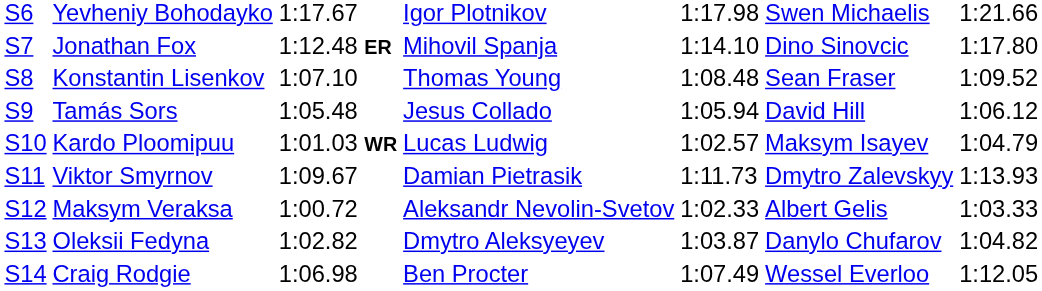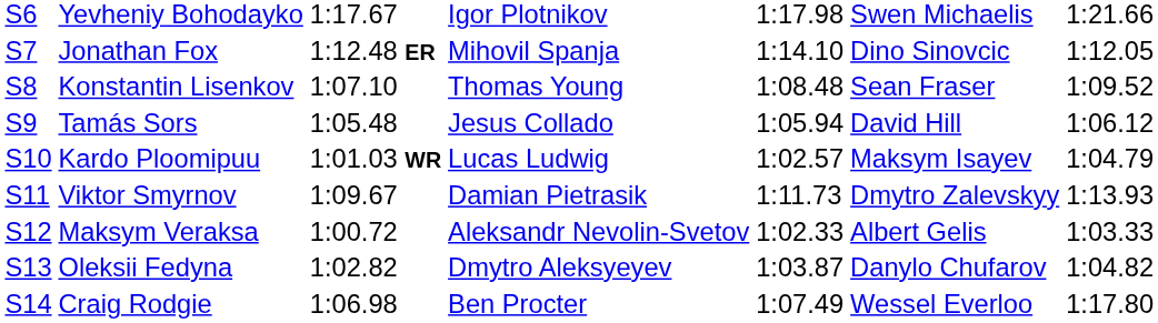 <table>
 <tr>
 <td><a href='#'>S6</a></td>
 <td><a href='#'>Yevheniy Bohodayko</a><br></td>
 <td>1:17.67</td>
 <td><a href='#'>Igor Plotnikov</a><br></td>
 <td>1:17.98</td>
 <td><a href='#'>Swen Michaelis</a><br></td>
 <td>1:21.66</td>
 </tr>
 <tr>
 <td><a href='#'>S7</a></td>
 <td><a href='#'>Jonathan Fox</a><br></td>
 <td>1:12.48 <small><strong>ER</strong></small></td>
 <td><a href='#'>Mihovil Spanja</a><br></td>
 <td>1:14.10</td>
 <td><a href='#'>Dino Sinovcic</a><br></td>
-<td>1:17.80</td>
+<td>1:12.05</td>
 </tr>
 <tr>
 <td><a href='#'>S8</a></td>
 <td><a href='#'>Konstantin Lisenkov</a><br></td>
 <td>1:07.10</td>
 <td><a href='#'>Thomas Young</a><br></td>
 <td>1:08.48</td>
 <td><a href='#'>Sean Fraser</a><br></td>
 <td>1:09.52</td>
 </tr>
 <tr>
 <td><a href='#'>S9</a></td>
 <td><a href='#'>Tamás Sors</a><br></td>
 <td>1:05.48</td>
 <td><a href='#'>Jesus Collado</a><br></td>
 <td>1:05.94</td>
 <td><a href='#'>David Hill</a><br></td>
 <td>1:06.12</td>
 </tr>
 <tr>
 <td><a href='#'>S10</a></td>
 <td><a href='#'>Kardo Ploomipuu</a><br></td>
 <td>1:01.03 <small><strong>WR</strong></small></td>
 <td><a href='#'>Lucas Ludwig</a><br></td>
 <td>1:02.57</td>
 <td><a href='#'>Maksym Isayev</a><br></td>
 <td>1:04.79</td>
 </tr>
 <tr>
 <td><a href='#'>S11</a></td>
 <td><a href='#'>Viktor Smyrnov</a><br></td>
 <td>1:09.67</td>
 <td><a href='#'>Damian Pietrasik</a><br></td>
 <td>1:11.73</td>
 <td><a href='#'>Dmytro Zalevskyy</a><br></td>
 <td>1:13.93</td>
 </tr>
 <tr>
 <td><a href='#'>S12</a></td>
 <td><a href='#'>Maksym Veraksa</a><br></td>
 <td>1:00.72</td>
 <td><a href='#'>Aleksandr Nevolin-Svetov</a><br></td>
 <td>1:02.33</td>
 <td><a href='#'>Albert Gelis</a><br></td>
 <td>1:03.33</td>
 </tr>
 <tr>
 <td><a href='#'>S13</a></td>
 <td><a href='#'>Oleksii Fedyna</a><br></td>
 <td>1:02.82</td>
 <td><a href='#'>Dmytro Aleksyeyev</a><br></td>
 <td>1:03.87</td>
 <td><a href='#'>Danylo Chufarov</a><br></td>
 <td>1:04.82</td>
 </tr>
 <tr>
 <td><a href='#'>S14</a></td>
 <td><a href='#'>Craig Rodgie</a><br></td>
 <td>1:06.98</td>
 <td><a href='#'>Ben Procter</a><br></td>
 <td>1:07.49</td>
 <td><a href='#'>Wessel Everloo</a><br></td>
-<td>1:12.05</td>
+<td>1:17.80</td>
 </tr>
 </table>
